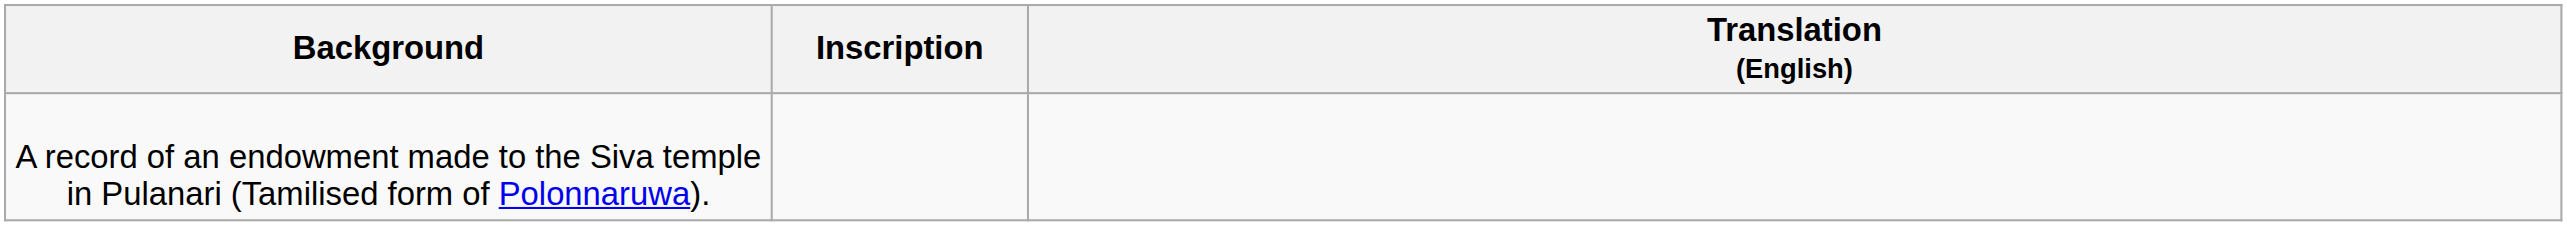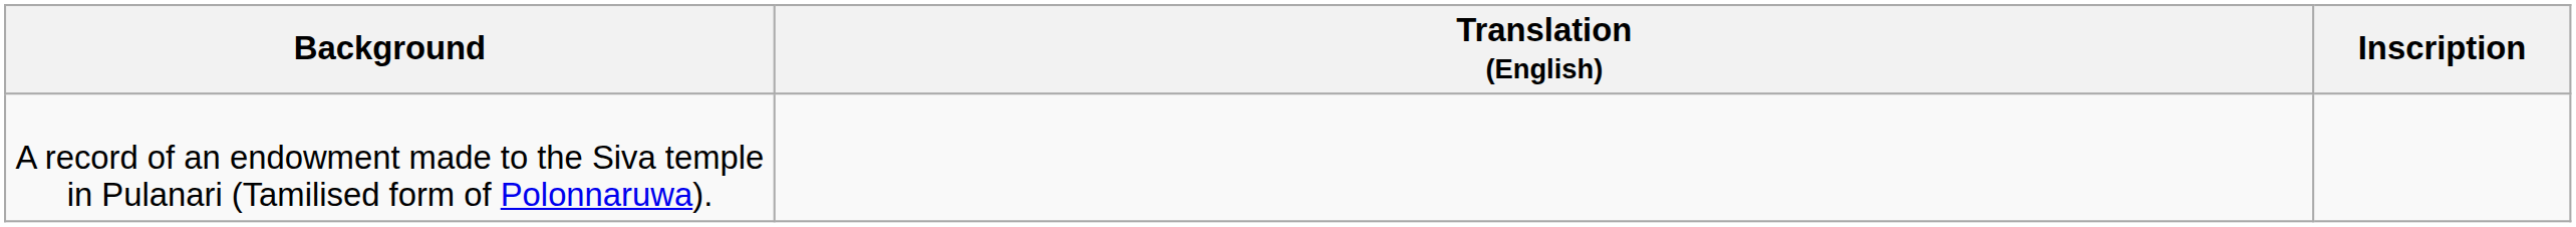 <table class="wikitable centre">
 <tr>
 <th scope="col" align=left>Background<br></th>
+<th>Translation<br><small>(English)</small></th>
 <th>Inscription<br></th>
-<th>Translation<br><small>(English)</small></th>
 </tr>
 <tr>
 <td align=center width="30%"><br>A record of an endowment made to the Siva temple in Pulanari (Tamilised form of <a href='#'>Polonnaruwa</a>).</td>
+<td align=left><br></td>
 <td align=center width="10%"><br></td>
-<td align=left><br></td>
 </tr>
 </table>
